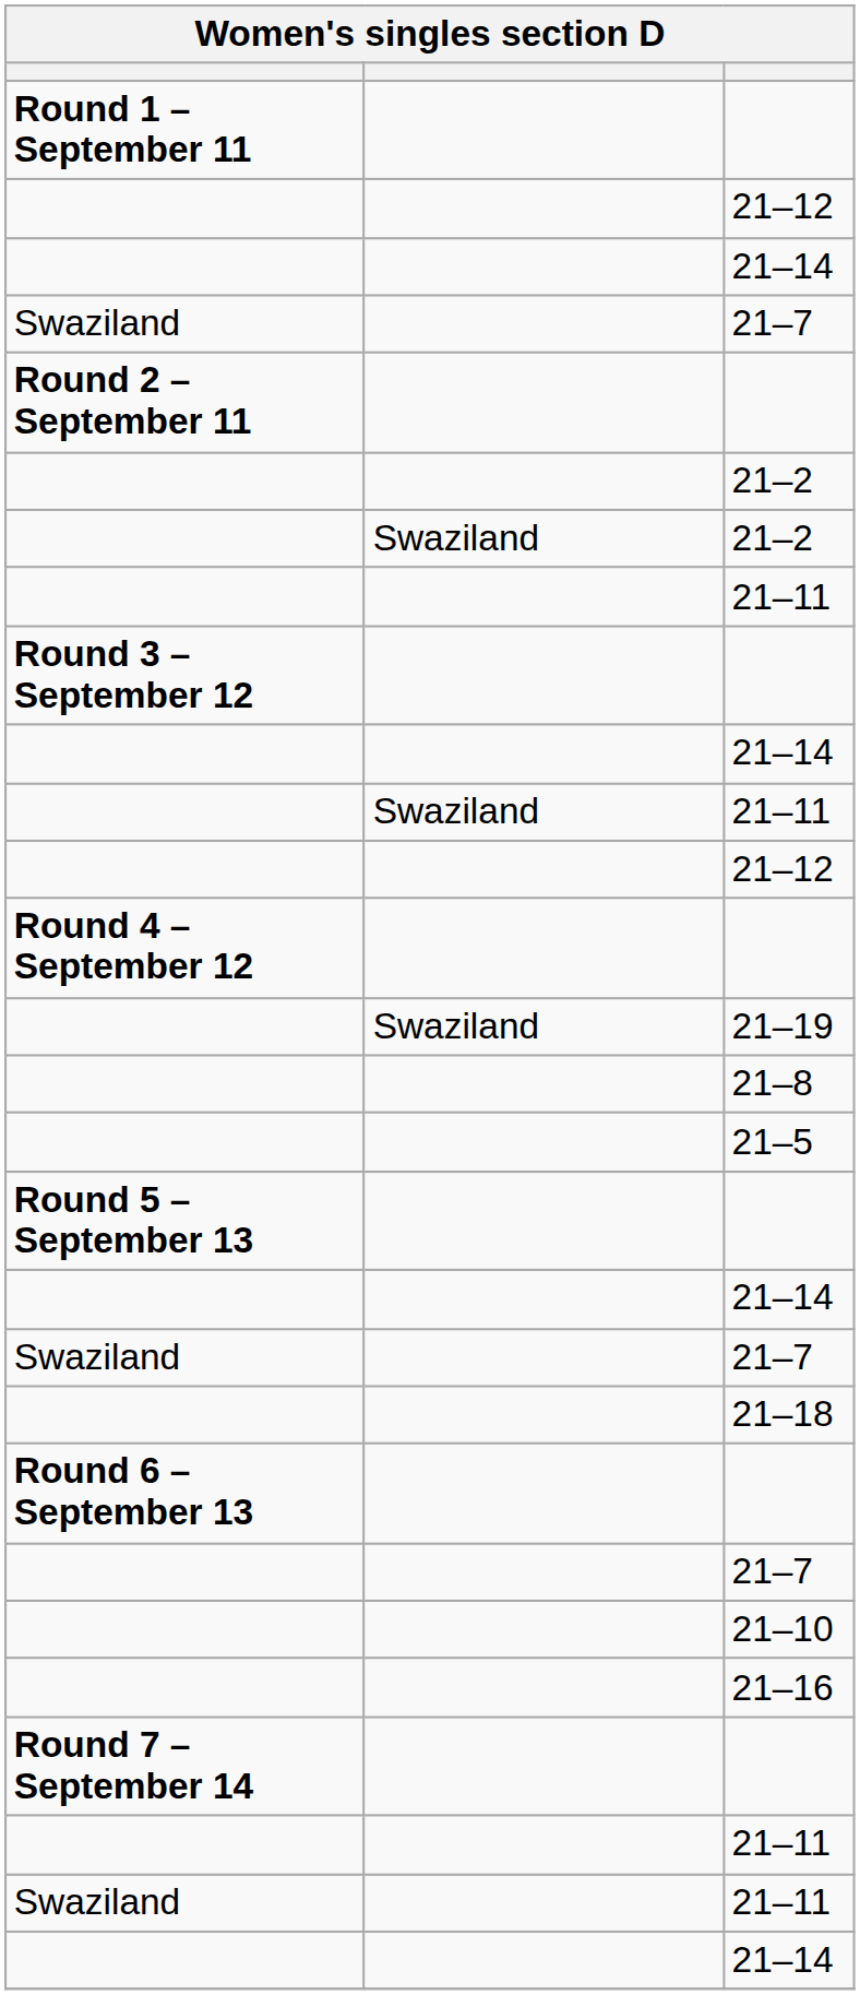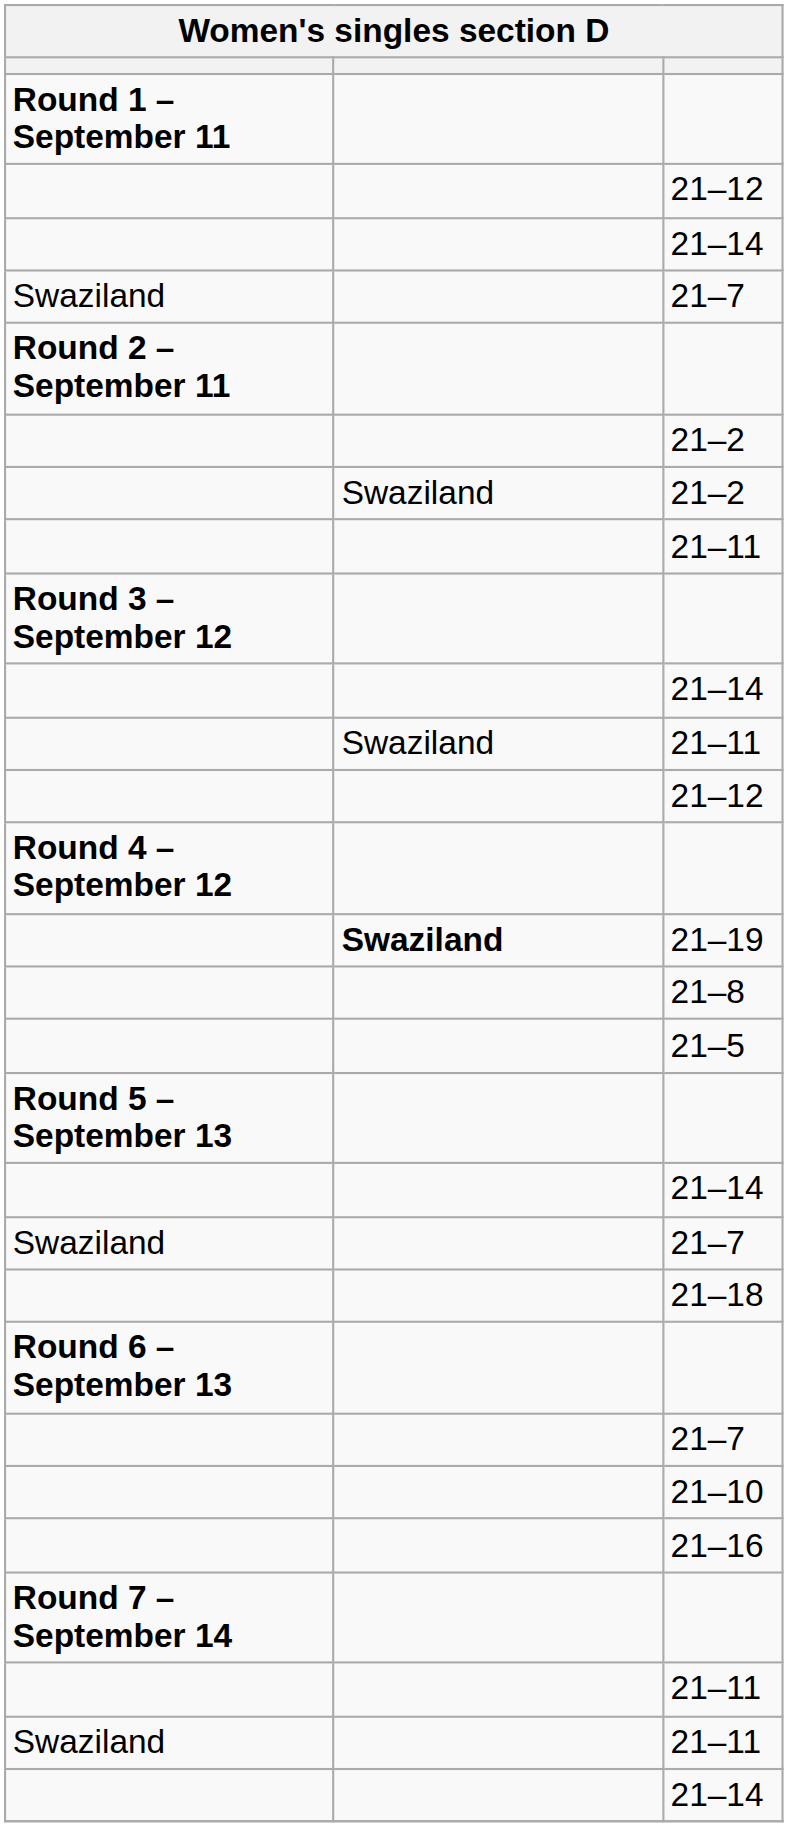 <table class="wikitable">
 <tr>
 <th colspan="3">Women's singles section D</th>
 </tr>
 <tr>
 <th width=150></th>
 <th width=150></th>
 <th width=50></th>
 </tr>
 <tr>
 <td><strong>Round 1 – September 11</strong></td>
 <td></td>
 <td></td>
 </tr>
 <tr>
 <td></td>
 <td></td>
 <td>21–12</td>
 </tr>
 <tr>
 <td></td>
 <td></td>
 <td>21–14</td>
 </tr>
 <tr>
 <td> Swaziland</td>
 <td></td>
 <td>21–7</td>
 </tr>
 <tr>
 <td><strong>Round 2 – September 11</strong></td>
 <td></td>
 <td></td>
 </tr>
 <tr>
 <td></td>
 <td></td>
 <td>21–2</td>
 </tr>
 <tr>
 <td></td>
 <td> Swaziland</td>
 <td>21–2</td>
 </tr>
 <tr>
 <td></td>
 <td></td>
 <td>21–11</td>
 </tr>
 <tr>
 <td><strong>Round 3 – September 12</strong></td>
 <td></td>
 <td></td>
 </tr>
 <tr>
 <td></td>
 <td></td>
 <td>21–14</td>
 </tr>
 <tr>
 <td></td>
 <td> Swaziland</td>
 <td>21–11</td>
 </tr>
 <tr>
 <td></td>
 <td></td>
 <td>21–12</td>
 </tr>
 <tr>
 <td><strong>Round 4 – September 12</strong></td>
 <td></td>
 <td></td>
 </tr>
 <tr>
 <td></td>
-<td> Swaziland</td>
+<td><strong> Swaziland</strong></td>
 <td>21–19</td>
 </tr>
 <tr>
 <td></td>
 <td></td>
 <td>21–8</td>
 </tr>
 <tr>
 <td></td>
 <td></td>
 <td>21–5</td>
 </tr>
 <tr>
 <td><strong>Round 5 – September 13</strong></td>
 <td></td>
 <td></td>
 </tr>
 <tr>
 <td></td>
 <td></td>
 <td>21–14</td>
 </tr>
 <tr>
 <td> Swaziland</td>
 <td></td>
 <td>21–7</td>
 </tr>
 <tr>
 <td></td>
 <td></td>
 <td>21–18</td>
 </tr>
 <tr>
 <td><strong>Round 6  – September 13</strong></td>
 <td></td>
 <td></td>
 </tr>
 <tr>
 <td></td>
 <td></td>
 <td>21–7</td>
 </tr>
 <tr>
 <td></td>
 <td></td>
 <td>21–10</td>
 </tr>
 <tr>
 <td></td>
 <td></td>
 <td>21–16</td>
 </tr>
 <tr>
 <td><strong>Round 7 – September 14</strong></td>
 <td></td>
 <td></td>
 </tr>
 <tr>
 <td></td>
 <td></td>
 <td>21–11</td>
 </tr>
 <tr>
 <td> Swaziland</td>
 <td></td>
 <td>21–11</td>
 </tr>
 <tr>
 <td></td>
 <td></td>
 <td>21–14</td>
 </tr>
 <tr>
 </tr>
 </table>
